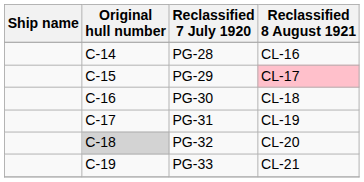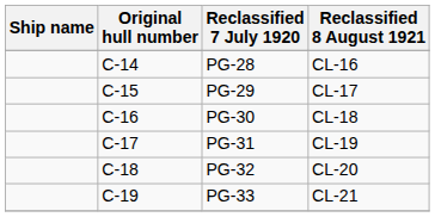 <table class="wikitable">
 <tr>
 <th>Ship name</th>
 <th>Original<br> hull number</th>
 <th>Reclassified<br> 7 July 1920</th>
 <th>Reclassified<br> 8 August 1921</th>
 </tr>
 <tr>
 </tr>
 <tr>
 <td></td>
 <td>C-14</td>
 <td>PG-28</td>
 <td>CL-16</td>
 </tr>
 <tr>
 <td></td>
 <td>C-15</td>
 <td>PG-29</td>
-<td style="background: pink;">CL-17</td>
+<td>CL-17</td>
 </tr>
 <tr>
 <td></td>
 <td>C-16</td>
 <td>PG-30</td>
 <td>CL-18</td>
 </tr>
 <tr>
 <td></td>
 <td>C-17</td>
 <td>PG-31</td>
 <td>CL-19</td>
 </tr>
 <tr>
 <td></td>
-<td style="background: lightgrey;">C-18</td>
+<td>C-18</td>
 <td>PG-32</td>
 <td>CL-20</td>
 </tr>
 <tr>
 <td></td>
 <td>C-19</td>
 <td>PG-33</td>
 <td>CL-21</td>
 </tr>
 <tr>
 </tr>
 </table>
